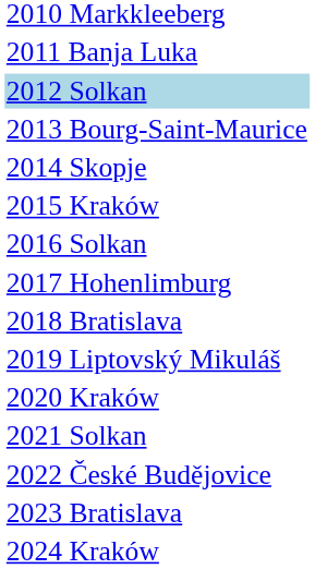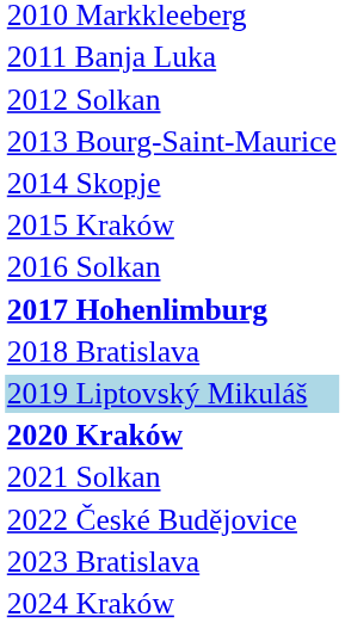 <table>
 <tr>
 <td><a href='#'>2010 Markkleeberg</a></td>
 <td></td>
 <td></td>
 <td></td>
 </tr>
 <tr>
 <td><a href='#'>2011 Banja Luka</a></td>
 <td></td>
 <td></td>
 <td></td>
 </tr>
 <tr>
-<td style="background: lightblue;"><a href='#'>2012 Solkan</a></td>
+<td><a href='#'>2012 Solkan</a></td>
 <td></td>
 <td></td>
 <td></td>
 </tr>
 <tr>
 <td><a href='#'>2013 Bourg-Saint-Maurice</a></td>
 <td></td>
 <td></td>
 <td></td>
 </tr>
 <tr>
 <td><a href='#'>2014 Skopje</a></td>
 <td></td>
 <td></td>
 <td></td>
 </tr>
 <tr>
 <td><a href='#'>2015 Kraków</a></td>
 <td></td>
 <td></td>
 <td></td>
 </tr>
 <tr>
 <td><a href='#'>2016 Solkan</a></td>
 <td></td>
 <td></td>
 <td></td>
 </tr>
 <tr>
-<td><a href='#'>2017 Hohenlimburg</a></td>
+<td><strong><a href='#'>2017 Hohenlimburg</a></strong></td>
 <td></td>
 <td></td>
 <td></td>
 </tr>
 <tr>
 <td><a href='#'>2018 Bratislava</a></td>
 <td></td>
 <td></td>
 <td></td>
 </tr>
 <tr>
-<td><a href='#'>2019 Liptovský Mikuláš</a></td>
+<td style="background: lightblue;"><a href='#'>2019 Liptovský Mikuláš</a></td>
 <td></td>
 <td></td>
 <td></td>
 </tr>
 <tr>
-<td><a href='#'>2020 Kraków</a></td>
+<td><strong><a href='#'>2020 Kraków</a></strong></td>
 <td></td>
 <td></td>
 <td></td>
 </tr>
 <tr>
 <td><a href='#'>2021 Solkan</a></td>
 <td></td>
 <td></td>
 <td></td>
 </tr>
 <tr>
 <td><a href='#'>2022 České Budějovice</a></td>
 <td></td>
 <td></td>
 <td></td>
 </tr>
 <tr>
 <td><a href='#'>2023 Bratislava</a></td>
 <td></td>
 <td></td>
 <td></td>
 </tr>
 <tr>
 <td><a href='#'>2024 Kraków</a></td>
 <td></td>
 <td></td>
 <td></td>
 </tr>
 </table>
